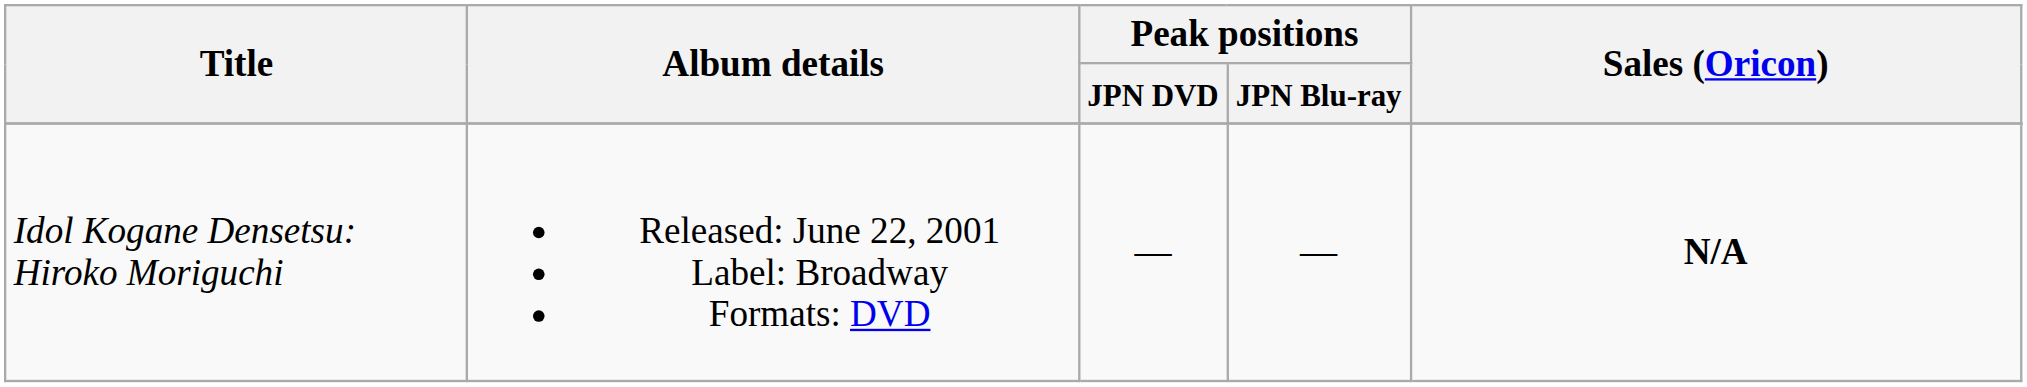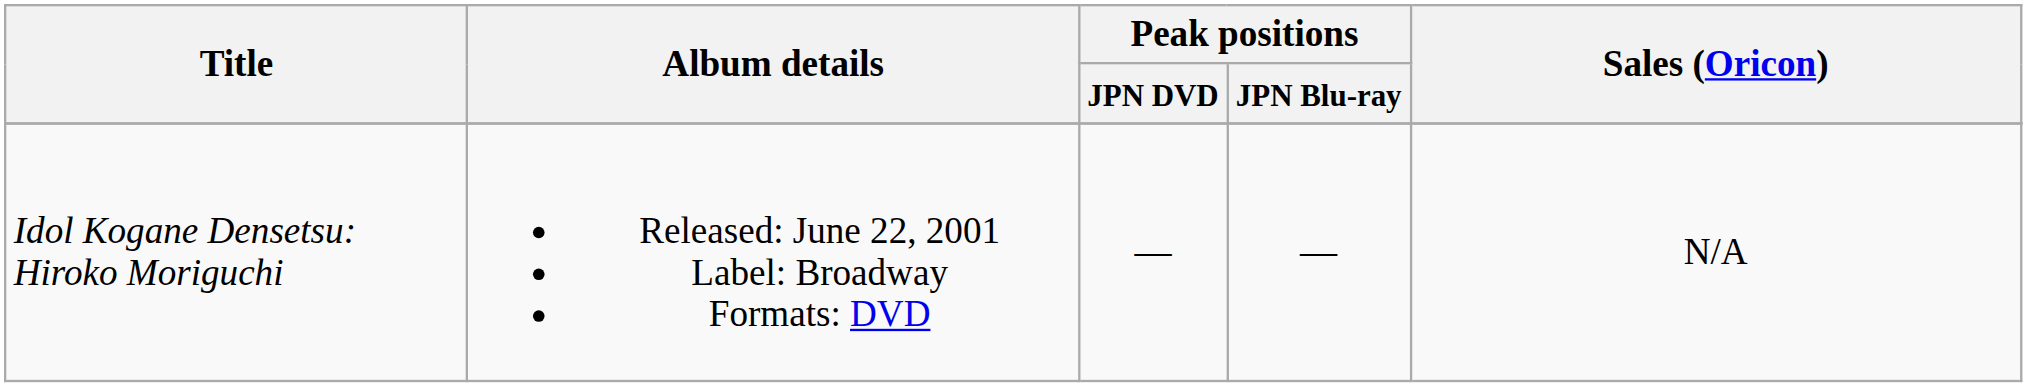 <table class="wikitable plainrowheaders" style="text-align:center;">
 <tr>
 <th style="width:12em;" rowspan="2">Title</th>
 <th style="width:16em;" rowspan="2">Album details</th>
 <th colspan="2">Peak positions</th>
 <th style="width:16em;" rowspan="2">Sales (<a href='#'>Oricon</a>)</th>
 </tr>
 <tr>
 <th><small>JPN DVD</small><br></th>
 <th><small>JPN Blu-ray</small><br></th>
 </tr>
 <tr>
 </tr>
 <tr>
 <td align="left"><em>Idol Kogane Densetsu: Hiroko Moriguchi</em></td>
 <td><br><ul><li>Released: June 22, 2001</li><li>Label: Broadway</li><li>Formats: <a href='#'>DVD</a></li></ul></td>
 <td>—</td>
 <td>—</td>
-<td><strong>N/A</strong></td>
+<td>N/A</td>
 </tr>
 </table>
